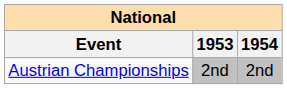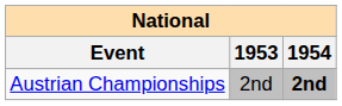 <table class="wikitable" style="text-align:center">
 <tr>
 <th style="background-color: #ffdead; " colspan=3 align=center>National</th>
 </tr>
 <tr>
 <th>Event</th>
 <th>1953</th>
 <th>1954</th>
 </tr>
 <tr>
 <td align=left><a href='#'>Austrian Championships</a></td>
 <td bgcolor=silver>2nd</td>
-<td bgcolor=silver>2nd</td>
+<td bgcolor=silver><strong>2nd</strong></td>
 </tr>
 </table>
